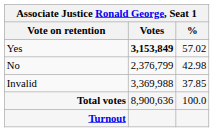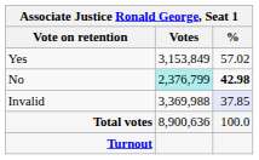 <table class="wikitable" style="font-size: 95%; clear:both">
 <tr style="background-color:#E9E9E9">
 <th colspan=7>Associate Justice <a href='#'>Ronald George</a>, Seat 1</th>
 </tr>
 <tr style="background-color:#E9E9E9">
 <th style="width: 170px">Vote on retention</th>
 <th style="width: 50px">Votes</th>
 <th style="width: 40px">%</th>
 </tr>
 <tr>
 <td>Yes</td>
-<td align="right"><strong>3,153,849</strong></td>
+<td align="right">3,153,849</td>
 <td align="right">57.02</td>
 </tr>
 <tr>
 <td>No</td>
-<td align="right">2,376,799</td>
-<td align="right">42.98</td>
+<td align="right" style="background: paleturquoise;">2,376,799</td>
+<td align="right"><strong>42.98</strong></td>
 </tr>
 <tr>
 <td>Invalid</td>
 <td align="right">3,369,988</td>
-<td align="right">37.85</td>
+<td align="right" style="background: lavender;">37.85</td>
 </tr>
 <tr style="background-color:#F6F6F6">
 <td colspan="1" align="right"><strong>Total votes</strong></td>
 <td align="right">8,900,636</td>
 <td align="right">100.0</td>
 </tr>
 <tr style="background-color:#F6F6F6">
 <td colspan="1" style="text-align: right; margin-right: 0.5em"><strong><a href='#'>Turnout</a></strong></td>
 <td style="text-align: right; margin-right: 0.5em"></td>
 <td style="text-align: right; margin-right: 0.5em"></td>
 </tr>
 </table>
